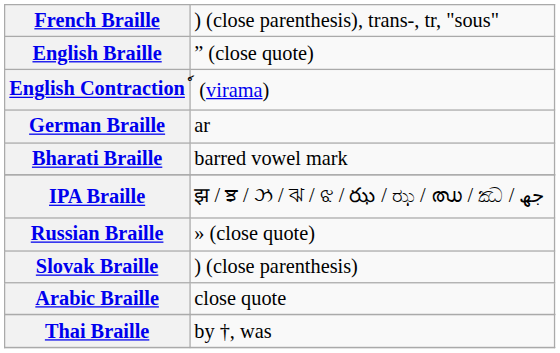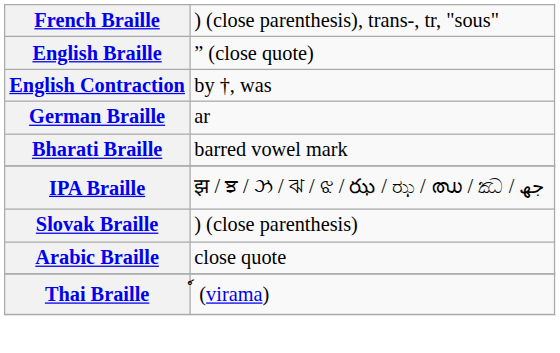 <table class="wikitable">
 <tr>
 <th align=left><a href='#'>French Braille</a></th>
 <td>) (close parenthesis), trans-, tr, "sous"</td>
 </tr>
 <tr>
 <th align=left><a href='#'>English Braille</a></th>
 <td>” (close quote)</td>
 </tr>
 <tr>
 <th align=left><a href='#'>English Contraction</a></th>
-<td>์ (<a href='#'>virama</a>)</td>
+<td>by †, was</td>
 </tr>
 <tr>
 <th align=left><a href='#'>German Braille</a></th>
 <td>ar</td>
 </tr>
 <tr>
 <th align=left><a href='#'>Bharati Braille</a></th>
 <td>barred vowel mark</td>
 </tr>
 <tr>
 </tr>
 <tr>
 <th align=left><a href='#'>IPA Braille</a></th>
 <td>झ / ਝ / ઝ / ঝ / ଝ / ఝ / ಝ / ഝ / ඣ / جھ ‎</td>
 </tr>
 <tr>
-<th align=left><a href='#'>Russian Braille</a></th>
-<td>» (close quote)</td>
-</tr>
-<tr>
 <th align=left><a href='#'>Slovak Braille</a></th>
 <td>) (close parenthesis)</td>
 </tr>
 <tr>
 <th align=left><a href='#'>Arabic Braille</a></th>
 <td>close quote</td>
 </tr>
 <tr>
 </tr>
 <tr>
 </tr>
 <tr>
 <th align=left><a href='#'>Thai Braille</a></th>
-<td>by †, was</td>
+<td>์ (<a href='#'>virama</a>)</td>
 </tr>
 <tr>
 </tr>
 </table>
